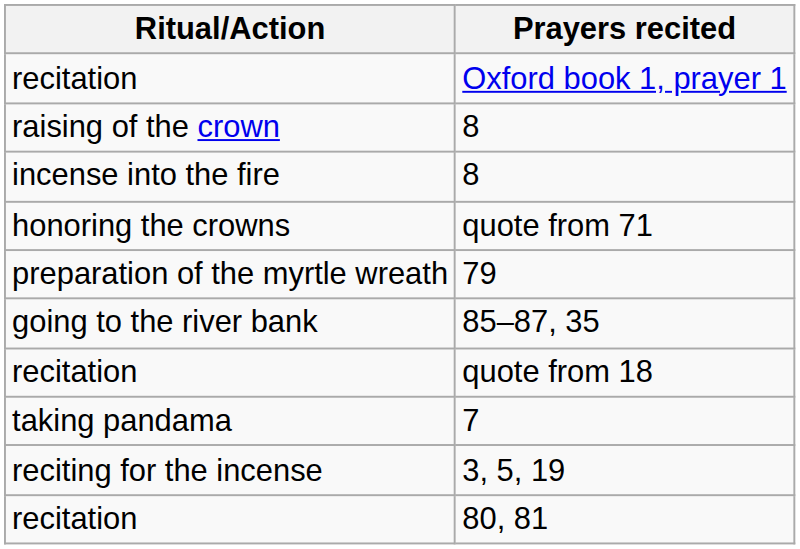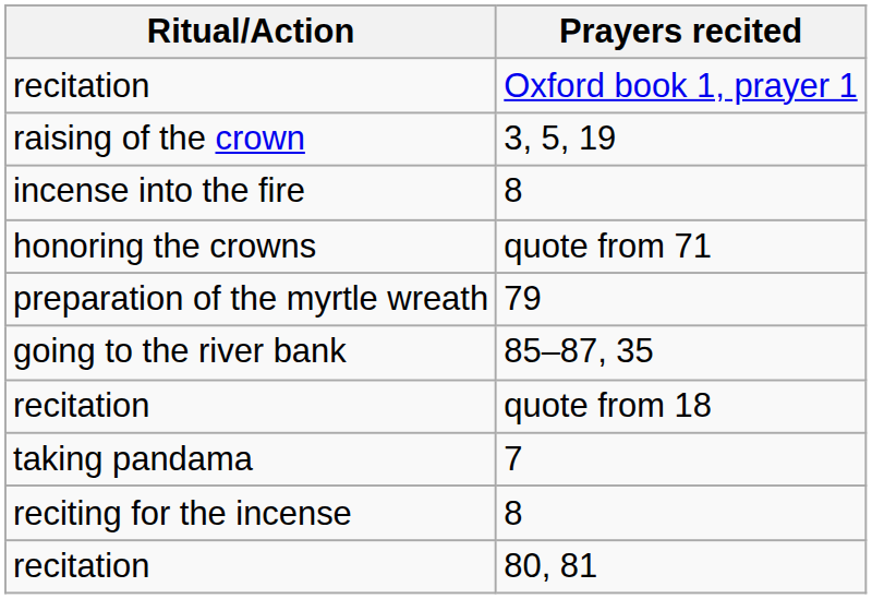 <table class="wikitable sortable">
 <tr>
 <th>Ritual/Action</th>
 <th>Prayers recited</th>
 </tr>
 <tr>
 <td>recitation</td>
 <td><a href='#'>Oxford book 1, prayer 1</a></td>
 </tr>
 <tr>
 <td>raising of the <a href='#'>crown</a></td>
-<td>8</td>
+<td>3, 5, 19</td>
 </tr>
 <tr>
 <td>incense into the fire</td>
 <td>8</td>
 </tr>
 <tr>
 <td>honoring the crowns</td>
 <td>quote from 71</td>
 </tr>
 <tr>
 <td>preparation of the myrtle wreath</td>
 <td>79</td>
 </tr>
 <tr>
 <td>going to the river bank</td>
 <td>85–87, 35</td>
 </tr>
 <tr>
 <td>recitation</td>
 <td>quote from 18</td>
 </tr>
 <tr>
 <td>taking pandama</td>
 <td>7</td>
 </tr>
 <tr>
 <td>reciting for the incense</td>
-<td>3, 5, 19</td>
+<td>8</td>
 </tr>
 <tr>
 <td>recitation</td>
 <td>80, 81</td>
 </tr>
 </table>
